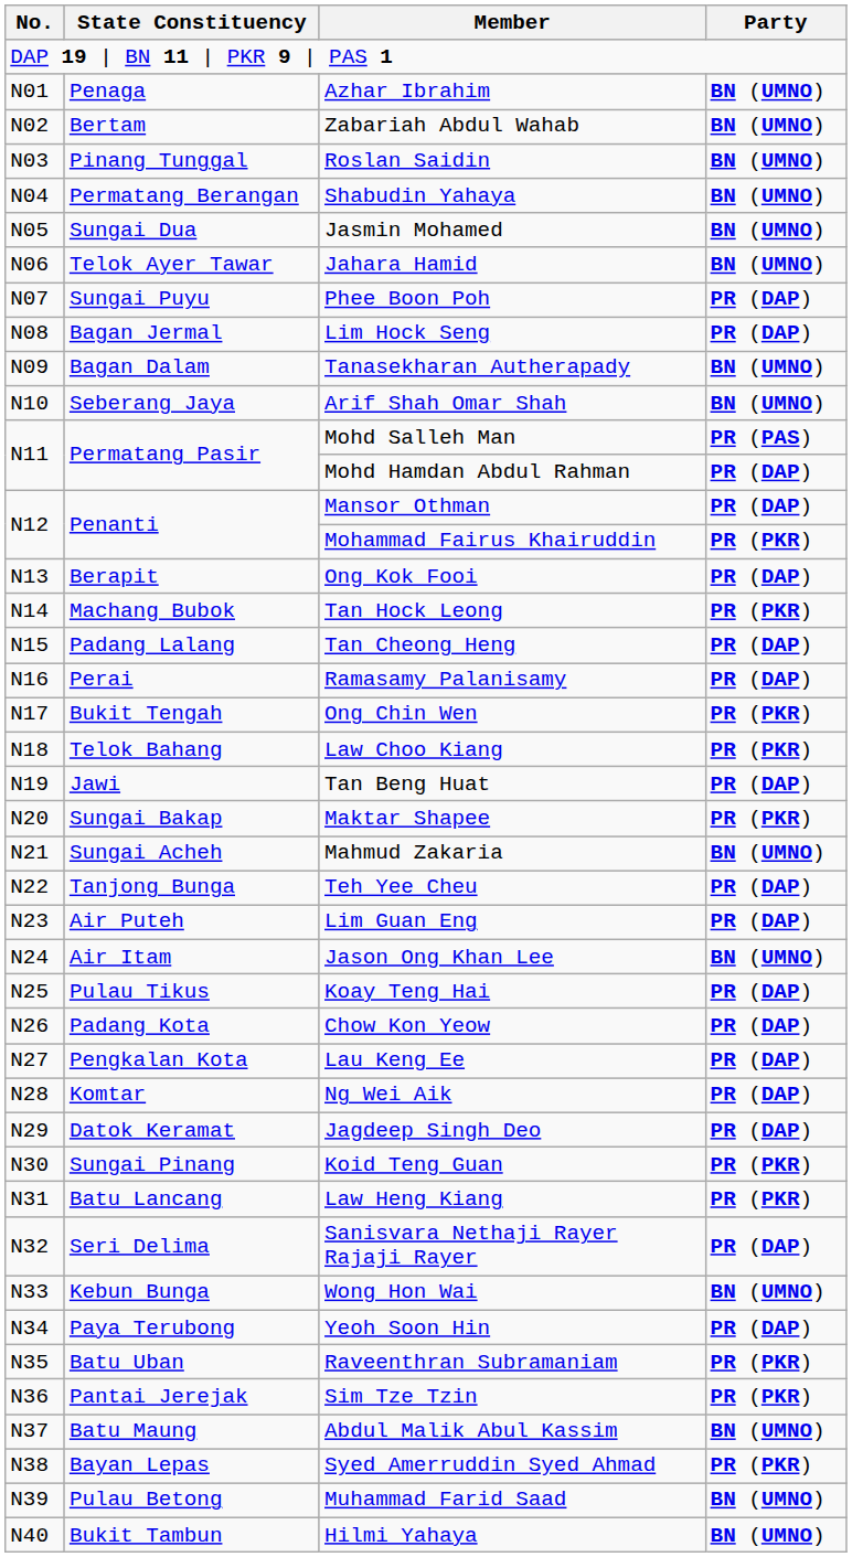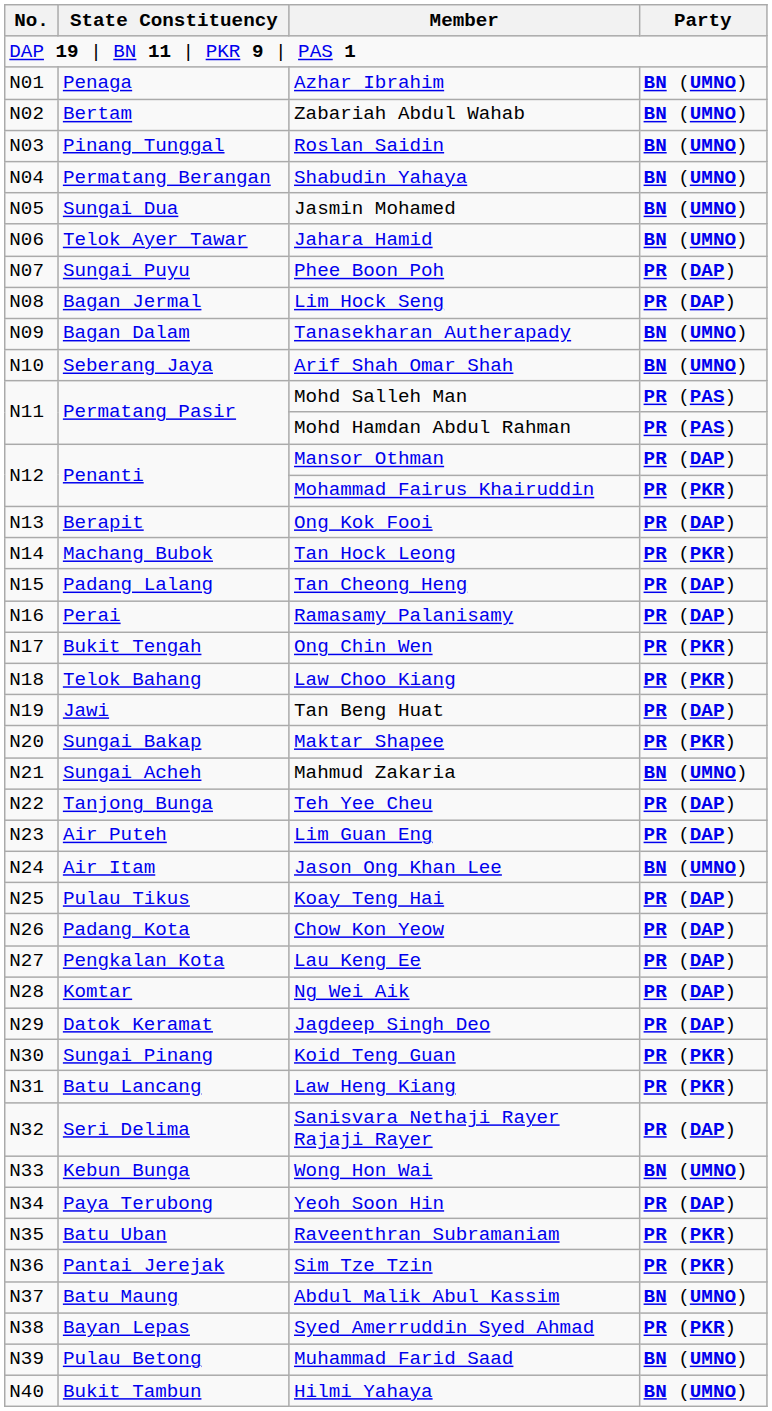 <table class="wikitable sortable">
 <tr>
 <th style="width:30px;">No.</th>
 <th style="width:150px;">State Constituency</th>
 <th style="width:230px;">Member</th>
 <th style="width:80px;">Party</th>
 </tr>
 <tr>
 <td colspan="4"><a href='#'>DAP</a> <strong>19</strong> | <a href='#'>BN</a> <strong>11</strong> | <a href='#'>PKR</a> <strong>9</strong> | <a href='#'>PAS</a> <strong>1</strong></td>
 </tr>
 <tr>
 <td>N01</td>
 <td><a href='#'>Penaga</a></td>
 <td><a href='#'>Azhar Ibrahim</a></td>
 <td><strong><a href='#'>BN</a></strong> (<strong><a href='#'>UMNO</a></strong>)</td>
 </tr>
 <tr>
 <td>N02</td>
 <td><a href='#'>Bertam</a></td>
 <td>Zabariah Abdul Wahab</td>
 <td><strong><a href='#'>BN</a></strong> (<strong><a href='#'>UMNO</a></strong>)</td>
 </tr>
 <tr>
 <td>N03</td>
 <td><a href='#'>Pinang Tunggal</a></td>
 <td><a href='#'>Roslan Saidin</a></td>
 <td><strong><a href='#'>BN</a></strong> (<strong><a href='#'>UMNO</a></strong>)</td>
 </tr>
 <tr>
 <td>N04</td>
 <td><a href='#'>Permatang Berangan</a></td>
 <td><a href='#'>Shabudin Yahaya</a></td>
 <td><strong><a href='#'>BN</a></strong> (<strong><a href='#'>UMNO</a></strong>)</td>
 </tr>
 <tr>
 <td>N05</td>
 <td><a href='#'>Sungai Dua</a></td>
 <td>Jasmin Mohamed</td>
 <td><strong><a href='#'>BN</a></strong> (<strong><a href='#'>UMNO</a></strong>)</td>
 </tr>
 <tr>
 <td>N06</td>
 <td><a href='#'>Telok Ayer Tawar</a></td>
 <td><a href='#'>Jahara Hamid</a></td>
 <td><strong><a href='#'>BN</a></strong> (<strong><a href='#'>UMNO</a></strong>)</td>
 </tr>
 <tr>
 <td>N07</td>
 <td><a href='#'>Sungai Puyu</a></td>
 <td><a href='#'>Phee Boon Poh</a></td>
 <td><strong><a href='#'>PR</a></strong> (<strong><a href='#'>DAP</a></strong>)</td>
 </tr>
 <tr>
 <td>N08</td>
 <td><a href='#'>Bagan Jermal</a></td>
 <td><a href='#'>Lim Hock Seng</a></td>
 <td><strong><a href='#'>PR</a></strong> (<strong><a href='#'>DAP</a></strong>)</td>
 </tr>
 <tr>
 <td>N09</td>
 <td><a href='#'>Bagan Dalam</a></td>
 <td><a href='#'>Tanasekharan Autherapady</a></td>
 <td><strong><a href='#'>BN</a></strong> (<strong><a href='#'>UMNO</a></strong>)</td>
 </tr>
 <tr>
 <td>N10</td>
 <td><a href='#'>Seberang Jaya</a></td>
 <td><a href='#'>Arif Shah Omar Shah</a></td>
 <td><strong><a href='#'>BN</a></strong> (<strong><a href='#'>UMNO</a></strong>)</td>
 </tr>
 <tr>
 <td rowspan=2>N11</td>
 <td rowspan=2><a href='#'>Permatang Pasir</a></td>
 <td>Mohd Salleh Man </td>
 <td><strong><a href='#'>PR</a></strong> (<strong><a href='#'>PAS</a></strong>)</td>
 </tr>
 <tr>
 <td>Mohd Hamdan Abdul Rahman </td>
-<td><strong><a href='#'>PR</a></strong> (<strong><a href='#'>DAP</a></strong>)</td>
+<td><strong><a href='#'>PR</a></strong> (<strong><a href='#'>PAS</a></strong>)</td>
 </tr>
 <tr>
 <td rowspan=2>N12</td>
 <td rowspan=2><a href='#'>Penanti</a></td>
 <td><a href='#'>Mansor Othman</a> </td>
 <td><strong><a href='#'>PR</a></strong> (<strong><a href='#'>DAP</a></strong>)</td>
 </tr>
 <tr>
 <td><a href='#'>Mohammad Fairus Khairuddin</a> </td>
 <td><strong><a href='#'>PR</a></strong> (<strong><a href='#'>PKR</a></strong>)</td>
 </tr>
 <tr>
 <td>N13</td>
 <td><a href='#'>Berapit</a></td>
 <td><a href='#'>Ong Kok Fooi</a></td>
 <td><strong><a href='#'>PR</a></strong> (<strong><a href='#'>DAP</a></strong>)</td>
 </tr>
 <tr>
 <td>N14</td>
 <td><a href='#'>Machang Bubok</a></td>
 <td><a href='#'>Tan Hock Leong</a></td>
 <td><strong><a href='#'>PR</a></strong> (<strong><a href='#'>PKR</a></strong>)</td>
 </tr>
 <tr>
 <td>N15</td>
 <td><a href='#'>Padang Lalang</a></td>
 <td><a href='#'>Tan Cheong Heng</a></td>
 <td><strong><a href='#'>PR</a></strong> (<strong><a href='#'>DAP</a></strong>)</td>
 </tr>
 <tr>
 <td>N16</td>
 <td><a href='#'>Perai</a></td>
 <td><a href='#'>Ramasamy Palanisamy</a></td>
 <td><strong><a href='#'>PR</a></strong> (<strong><a href='#'>DAP</a></strong>)</td>
 </tr>
 <tr>
 <td>N17</td>
 <td><a href='#'>Bukit Tengah</a></td>
 <td><a href='#'>Ong Chin Wen</a></td>
 <td><strong><a href='#'>PR</a></strong> (<strong><a href='#'>PKR</a></strong>)</td>
 </tr>
 <tr>
 <td>N18</td>
 <td><a href='#'>Telok Bahang</a></td>
 <td><a href='#'>Law Choo Kiang</a></td>
 <td><strong><a href='#'>PR</a></strong> (<strong><a href='#'>PKR</a></strong>)</td>
 </tr>
 <tr>
 <td>N19</td>
 <td><a href='#'>Jawi</a></td>
 <td>Tan Beng Huat</td>
 <td><strong><a href='#'>PR</a></strong> (<strong><a href='#'>DAP</a></strong>)</td>
 </tr>
 <tr>
 <td>N20</td>
 <td><a href='#'>Sungai Bakap</a></td>
 <td><a href='#'>Maktar Shapee</a></td>
 <td><strong><a href='#'>PR</a></strong> (<strong><a href='#'>PKR</a></strong>)</td>
 </tr>
 <tr>
 <td>N21</td>
 <td><a href='#'>Sungai Acheh</a></td>
 <td>Mahmud Zakaria</td>
 <td><strong><a href='#'>BN</a></strong> (<strong><a href='#'>UMNO</a></strong>)</td>
 </tr>
 <tr>
 <td>N22</td>
 <td><a href='#'>Tanjong Bunga</a></td>
 <td><a href='#'>Teh Yee Cheu</a></td>
 <td><strong><a href='#'>PR</a></strong> (<strong><a href='#'>DAP</a></strong>)</td>
 </tr>
 <tr>
 <td>N23</td>
 <td><a href='#'>Air Puteh</a></td>
 <td><a href='#'>Lim Guan Eng</a></td>
 <td><strong><a href='#'>PR</a></strong> (<strong><a href='#'>DAP</a></strong>)</td>
 </tr>
 <tr>
 <td>N24</td>
 <td><a href='#'>Air Itam</a></td>
 <td><a href='#'>Jason Ong Khan Lee</a></td>
 <td><strong><a href='#'>BN</a></strong> (<strong><a href='#'>UMNO</a></strong>)</td>
 </tr>
 <tr>
 <td>N25</td>
 <td><a href='#'>Pulau Tikus</a></td>
 <td><a href='#'>Koay Teng Hai</a></td>
 <td><strong><a href='#'>PR</a></strong> (<strong><a href='#'>DAP</a></strong>)</td>
 </tr>
 <tr>
 <td>N26</td>
 <td><a href='#'>Padang Kota</a></td>
 <td><a href='#'>Chow Kon Yeow</a></td>
 <td><strong><a href='#'>PR</a></strong> (<strong><a href='#'>DAP</a></strong>)</td>
 </tr>
 <tr>
 <td>N27</td>
 <td><a href='#'>Pengkalan Kota</a></td>
 <td><a href='#'>Lau Keng Ee</a></td>
 <td><strong><a href='#'>PR</a></strong> (<strong><a href='#'>DAP</a></strong>)</td>
 </tr>
 <tr>
 <td>N28</td>
 <td><a href='#'>Komtar</a></td>
 <td><a href='#'>Ng Wei Aik</a></td>
 <td><strong><a href='#'>PR</a></strong> (<strong><a href='#'>DAP</a></strong>)</td>
 </tr>
 <tr>
 <td>N29</td>
 <td><a href='#'>Datok Keramat</a></td>
 <td><a href='#'>Jagdeep Singh Deo</a></td>
 <td><strong><a href='#'>PR</a></strong> (<strong><a href='#'>DAP</a></strong>)</td>
 </tr>
 <tr>
 <td>N30</td>
 <td><a href='#'>Sungai Pinang</a></td>
 <td><a href='#'>Koid Teng Guan</a></td>
 <td><strong><a href='#'>PR</a></strong> (<strong><a href='#'>PKR</a></strong>)</td>
 </tr>
 <tr>
 <td>N31</td>
 <td><a href='#'>Batu Lancang</a></td>
 <td><a href='#'>Law Heng Kiang</a></td>
 <td><strong><a href='#'>PR</a></strong> (<strong><a href='#'>PKR</a></strong>)</td>
 </tr>
 <tr>
 <td>N32</td>
 <td><a href='#'>Seri Delima</a></td>
 <td><a href='#'>Sanisvara Nethaji Rayer Rajaji Rayer</a></td>
 <td><strong><a href='#'>PR</a></strong> (<strong><a href='#'>DAP</a></strong>)</td>
 </tr>
 <tr>
 <td>N33</td>
 <td><a href='#'>Kebun Bunga</a></td>
 <td><a href='#'>Wong Hon Wai</a></td>
 <td><strong><a href='#'>BN</a></strong> (<strong><a href='#'>UMNO</a></strong>)</td>
 </tr>
 <tr>
 <td>N34</td>
 <td><a href='#'>Paya Terubong</a></td>
 <td><a href='#'>Yeoh Soon Hin</a></td>
 <td><strong><a href='#'>PR</a></strong> (<strong><a href='#'>DAP</a></strong>)</td>
 </tr>
 <tr>
 <td>N35</td>
 <td><a href='#'>Batu Uban</a></td>
 <td><a href='#'>Raveenthran Subramaniam</a></td>
 <td><strong><a href='#'>PR</a></strong> (<strong><a href='#'>PKR</a></strong>)</td>
 </tr>
 <tr>
 <td>N36</td>
 <td><a href='#'>Pantai Jerejak</a></td>
 <td><a href='#'>Sim Tze Tzin</a></td>
 <td><strong><a href='#'>PR</a></strong> (<strong><a href='#'>PKR</a></strong>)</td>
 </tr>
 <tr>
 <td>N37</td>
 <td><a href='#'>Batu Maung</a></td>
 <td><a href='#'>Abdul Malik Abul Kassim</a></td>
 <td><strong><a href='#'>BN</a></strong> (<strong><a href='#'>UMNO</a></strong>)</td>
 </tr>
 <tr>
 <td>N38</td>
 <td><a href='#'>Bayan Lepas</a></td>
 <td><a href='#'>Syed Amerruddin Syed Ahmad</a></td>
 <td><strong><a href='#'>PR</a></strong> (<strong><a href='#'>PKR</a></strong>)</td>
 </tr>
 <tr>
 <td>N39</td>
 <td><a href='#'>Pulau Betong</a></td>
 <td><a href='#'>Muhammad Farid Saad</a></td>
 <td><strong><a href='#'>BN</a></strong> (<strong><a href='#'>UMNO</a></strong>)</td>
 </tr>
 <tr>
 <td>N40</td>
 <td><a href='#'>Bukit Tambun</a></td>
 <td><a href='#'>Hilmi Yahaya</a></td>
 <td><strong><a href='#'>BN</a></strong> (<strong><a href='#'>UMNO</a></strong>)</td>
 </tr>
 </table>
